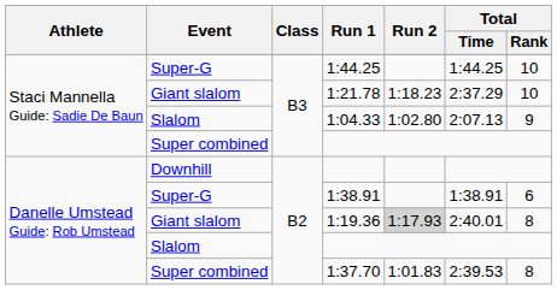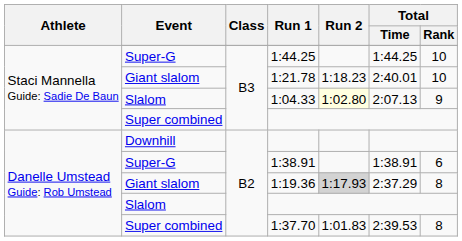 <table class="wikitable" style="font-size:90%">
 <tr>
 <th rowspan=2>Athlete</th>
 <th rowspan=2>Event</th>
 <th rowspan=2>Class</th>
 <th rowspan=2>Run 1</th>
 <th rowspan=2>Run 2</th>
 <th colspan=2>Total</th>
 </tr>
 <tr style="font-size:95%">
 <th>Time</th>
 <th>Rank</th>
 </tr>
 <tr align=center>
 <td align=left rowspan=5>Staci Mannella<br><small>Guide: <a href='#'>Sadie De Baun</a></small></td>
 </tr>
 <tr align=center>
 <td align=left><a href='#'>Super-G</a></td>
 <td align=center rowspan=4>B3</td>
 <td>1:44.25</td>
 <td></td>
 <td>1:44.25</td>
 <td>10</td>
 </tr>
 <tr align=center>
 <td align=left><a href='#'>Giant slalom</a></td>
 <td>1:21.78</td>
 <td>1:18.23</td>
-<td>2:37.29</td>
+<td>2:40.01</td>
 <td>10</td>
 </tr>
 <tr align=center>
 <td align=left><a href='#'>Slalom</a></td>
 <td>1:04.33</td>
-<td>1:02.80</td>
+<td style="background: lightyellow;">1:02.80</td>
 <td>2:07.13</td>
 <td>9</td>
 </tr>
 <tr align=center>
 <td align=left><a href='#'>Super combined</a></td>
 <td colspan="4"></td>
 </tr>
 <tr align=center>
 <td align=left rowspan=5><a href='#'>Danelle Umstead</a><br><small><a href='#'>Guide</a>: <a href='#'>Rob Umstead</a></small></td>
 <td align=left><a href='#'>Downhill</a></td>
 <td align=center rowspan=5>B2</td>
 <td></td>
 <td></td>
 <td colspan=2></td>
 </tr>
 <tr align=center>
 <td align=left><a href='#'>Super-G</a></td>
 <td>1:38.91</td>
 <td></td>
 <td>1:38.91</td>
 <td>6</td>
 </tr>
 <tr align=center>
 <td align=left><a href='#'>Giant slalom</a></td>
 <td>1:19.36</td>
 <td style="background: lightgrey;">1:17.93</td>
-<td>2:40.01</td>
+<td>2:37.29</td>
 <td>8</td>
 </tr>
 <tr align=center>
 <td align=left><a href='#'>Slalom</a></td>
 <td colspan="4"></td>
 </tr>
 <tr align=center>
 <td align=left><a href='#'>Super combined</a></td>
 <td>1:37.70</td>
 <td>1:01.83</td>
 <td>2:39.53</td>
 <td>8</td>
 </tr>
 </table>
